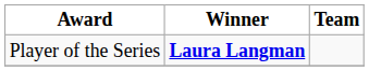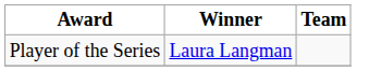 <table class="wikitable collapsible">
 <tr>
 <th style="background:white;">Award</th>
 <th style="background:white;">Winner</th>
 <th style="background:white;">Team</th>
 </tr>
 <tr>
 <td>Player of the Series</td>
-<td><strong><a href='#'>Laura Langman</a></strong></td>
+<td><a href='#'>Laura Langman</a></td>
 <td></td>
 </tr>
 <tr>
 </tr>
 </table>
